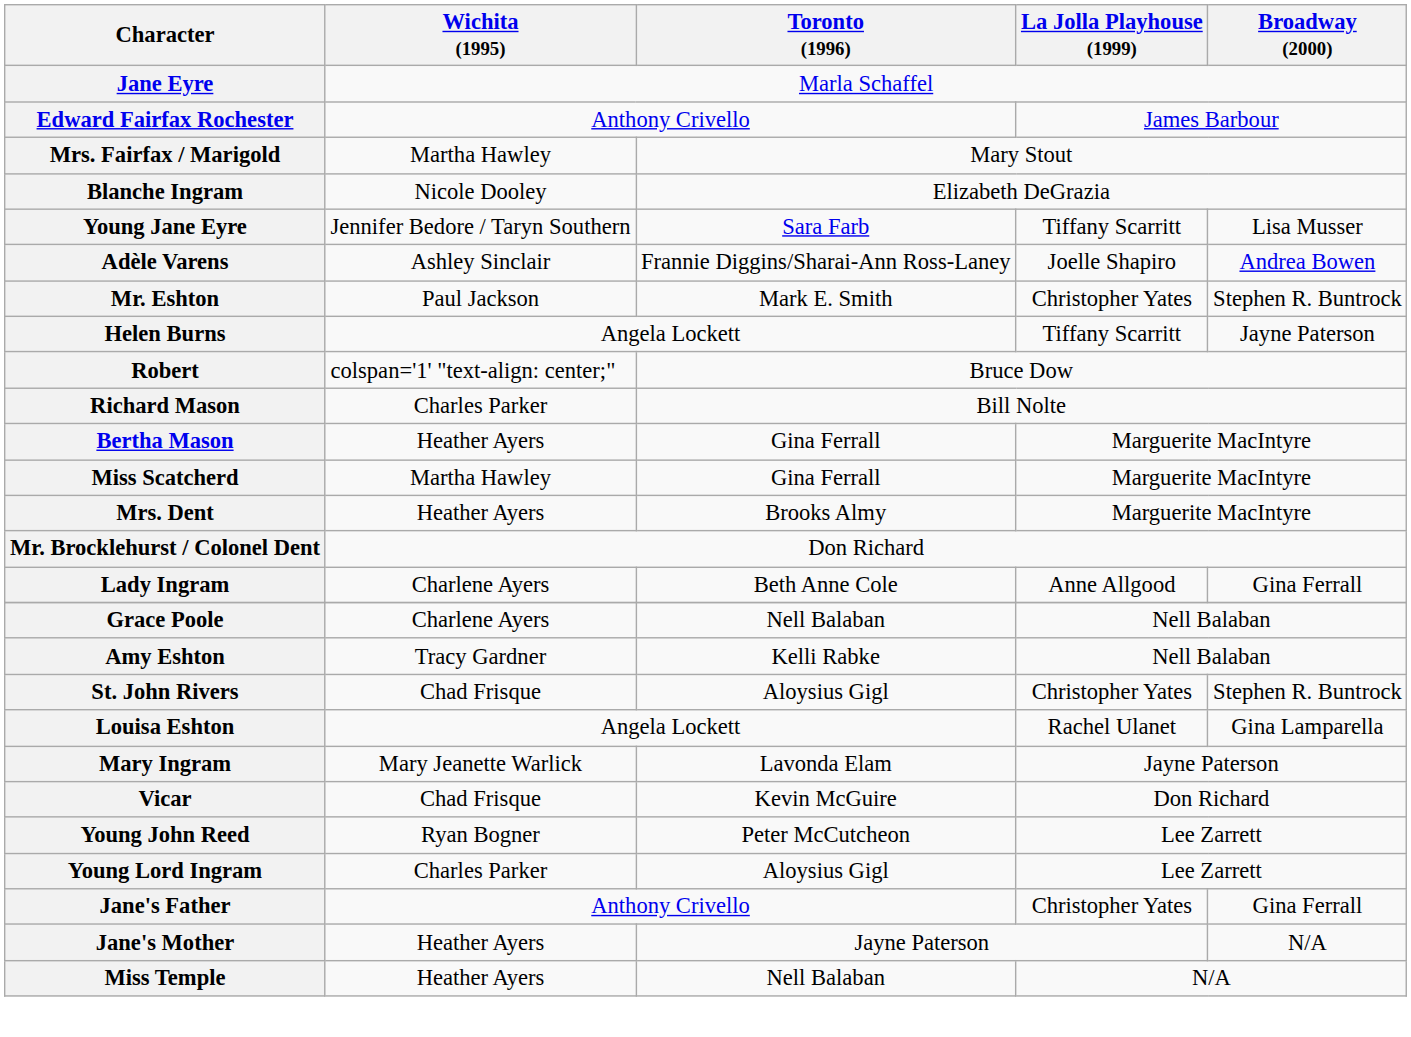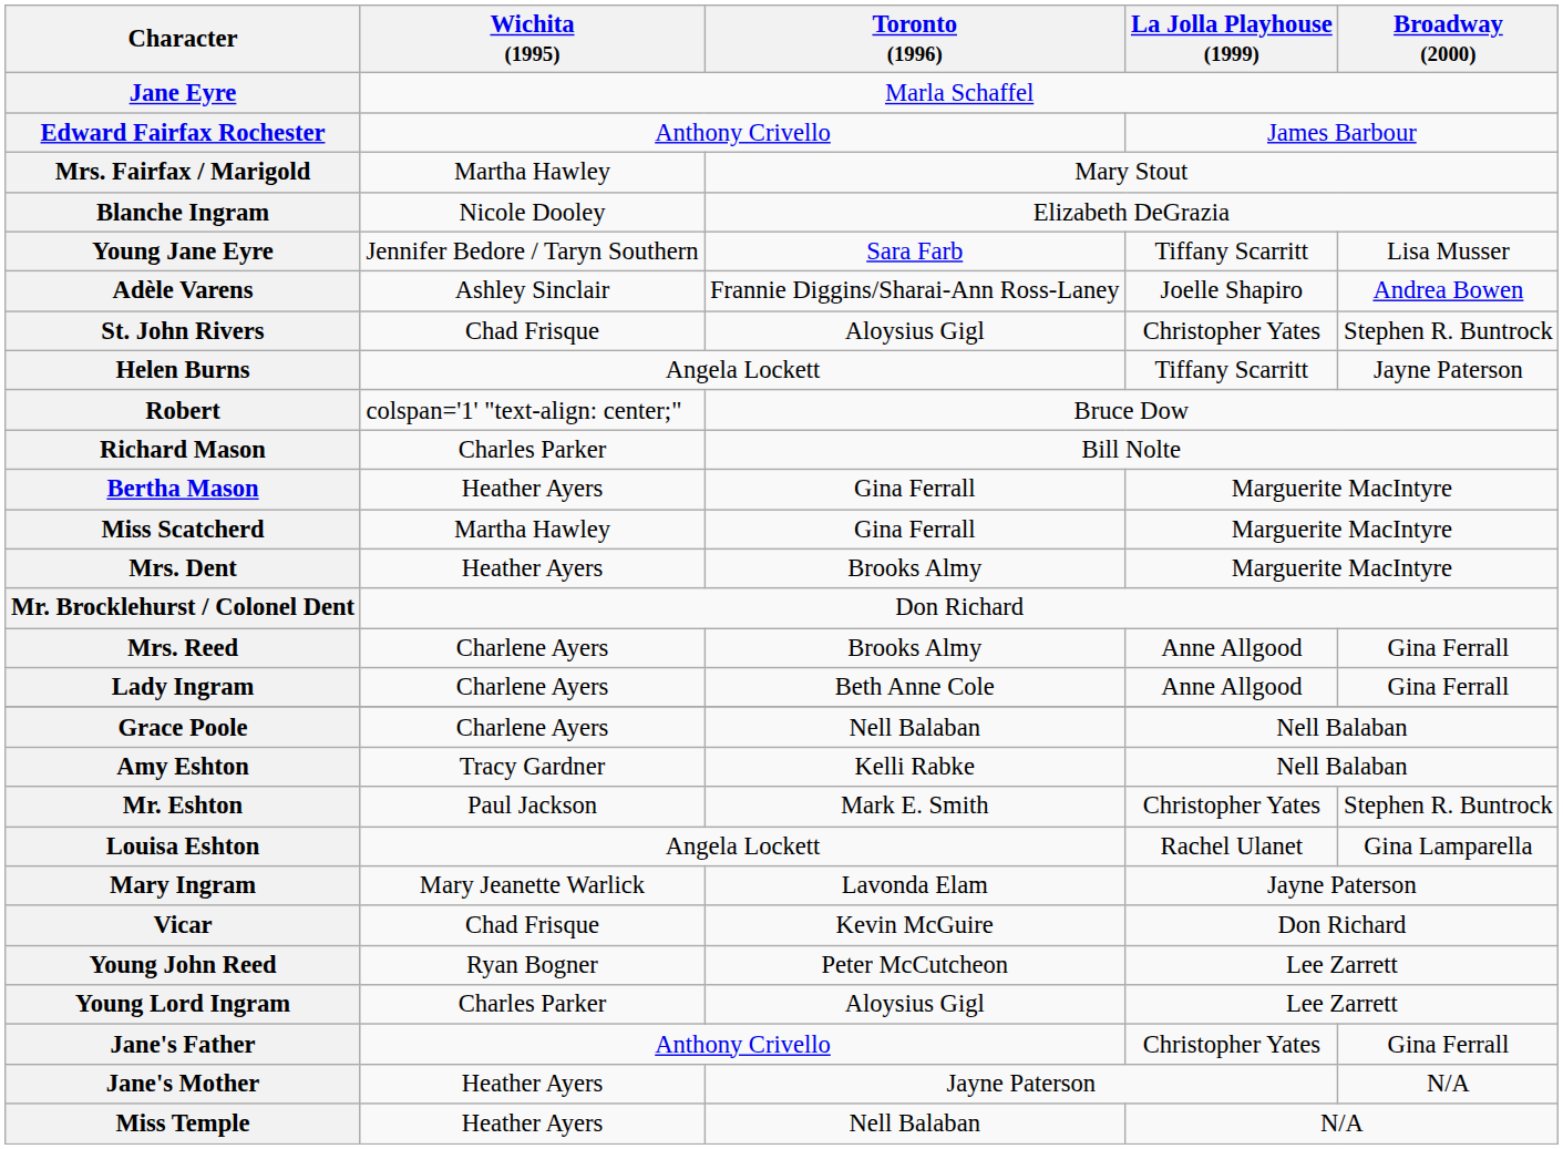 <table class="wikitable" style="width:1000;">
 <tr>
 <th>Character</th>
 <th><a href='#'>Wichita</a><br><small>(1995)</small></th>
 <th><a href='#'>Toronto</a> <br><small>(1996)</small></th>
 <th><a href='#'>La Jolla Playhouse</a> <br><small>(1999)</small></th>
 <th><a href='#'>Broadway</a><br><small>(2000)</small></th>
 </tr>
 <tr>
 <th><a href='#'>Jane Eyre</a></th>
 <td colspan='4' align=center><a href='#'>Marla Schaffel</a></td>
 </tr>
 <tr>
 <th><a href='#'>Edward Fairfax Rochester</a></th>
 <td colspan='2' align=center><a href='#'>Anthony Crivello</a></td>
 <td colspan='2' align=center><a href='#'>James Barbour</a></td>
 </tr>
 <tr>
 <th>Mrs. Fairfax / Marigold</th>
 <td colspan='1' align=center>Martha Hawley</td>
 <td colspan='3' align=center>Mary Stout</td>
 </tr>
 <tr>
 <th>Blanche Ingram</th>
 <td colspan='1' align=center>Nicole Dooley</td>
 <td colspan='3' align=center>Elizabeth DeGrazia</td>
 </tr>
 <tr>
 <th>Young Jane Eyre</th>
 <td colspan='1' align=center>Jennifer Bedore / Taryn Southern</td>
 <td colspan='1' align=center><a href='#'>Sara Farb</a></td>
 <td colspan='1' align=center>Tiffany Scarritt</td>
 <td colspan='1' align=center>Lisa Musser</td>
 </tr>
 <tr>
 <th>Adèle Varens</th>
 <td colspan='1' align=center>Ashley Sinclair</td>
 <td colspan='1' align=center>Frannie Diggins/Sharai-Ann Ross-Laney</td>
 <td colspan='1' align=center>Joelle Shapiro</td>
 <td colspan='1' align=center><a href='#'>Andrea Bowen</a></td>
 </tr>
 <tr>
-<th>Mr. Eshton</th>
-<td colspan='1' align=center>Paul Jackson</td>
-<td colspan='1' align=center>Mark E. Smith</td>
+<th>St. John Rivers</th>
+<td colspan='1' align=center>Chad Frisque</td>
+<td colspan='1' align=center>Aloysius Gigl</td>
 <td colspan='1' align=center>Christopher Yates</td>
 <td colspan='1' align=center>Stephen R. Buntrock</td>
 </tr>
 <tr>
 <th>Helen Burns</th>
 <td colspan='2' align=center>Angela Lockett</td>
 <td colspan='1' align=center>Tiffany Scarritt</td>
 <td colspan='1' align=center>Jayne Paterson</td>
 </tr>
 <tr>
 <th>Robert</th>
 <td>colspan='1' "text-align: center;" </td>
 <td colspan='3' align=center>Bruce Dow</td>
 </tr>
 <tr>
 <th>Richard Mason</th>
 <td colspan='1' align=center>Charles Parker</td>
 <td colspan='3' align=center>Bill Nolte</td>
 </tr>
 <tr>
 <th><a href='#'>Bertha Mason</a></th>
 <td colspan='1' align=center>Heather Ayers</td>
 <td colspan='1' align=center>Gina Ferrall</td>
 <td colspan='2' align=center>Marguerite MacIntyre</td>
 </tr>
 <tr>
 <th>Miss Scatcherd</th>
 <td colspan='1' align=center>Martha Hawley</td>
 <td colspan='1' align=center>Gina Ferrall</td>
 <td colspan='2' align=center>Marguerite MacIntyre</td>
 </tr>
 <tr>
 <th>Mrs. Dent</th>
 <td colspan='1' align=center>Heather Ayers</td>
 <td colspan='1' align=center>Brooks Almy</td>
 <td colspan='2' align=center>Marguerite MacIntyre</td>
 </tr>
 <tr>
 <th>Mr. Brocklehurst / Colonel Dent</th>
 <td colspan='4' align=center>Don Richard</td>
 </tr>
 <tr>
+<th>Mrs. Reed</th>
+<td colspan='1' align=center>Charlene Ayers</td>
+<td colspan='1' align=center>Brooks Almy</td>
+<td colspan='1' align=center>Anne Allgood</td>
+<td colspan='1' align=center>Gina Ferrall</td>
+</tr>
+<tr>
 <th>Lady Ingram</th>
 <td colspan='1' align=center>Charlene Ayers</td>
 <td colspan='1' align=center>Beth Anne Cole</td>
 <td colspan='1' align=center>Anne Allgood</td>
 <td colspan='1' align=center>Gina Ferrall</td>
 </tr>
 <tr>
 </tr>
 <tr>
 <th>Grace Poole</th>
 <td colspan='1' align=center>Charlene Ayers</td>
 <td colspan='1' align=center>Nell Balaban</td>
 <td colspan='2' align=center>Nell Balaban</td>
 </tr>
 <tr>
 <th>Amy Eshton</th>
 <td colspan='1' align=center>Tracy Gardner</td>
 <td colspan='1' align=center>Kelli Rabke</td>
 <td colspan='2' align=center>Nell Balaban</td>
 </tr>
 <tr>
-<th>St. John Rivers</th>
-<td colspan='1' align=center>Chad Frisque</td>
-<td colspan='1' align=center>Aloysius Gigl</td>
+<th>Mr. Eshton</th>
+<td colspan='1' align=center>Paul Jackson</td>
+<td colspan='1' align=center>Mark E. Smith</td>
 <td colspan='1' align=center>Christopher Yates</td>
 <td colspan='1' align=center>Stephen R. Buntrock</td>
 </tr>
 <tr>
 <th>Louisa Eshton</th>
 <td colspan='2' align=center>Angela Lockett</td>
 <td colspan='1' align=center>Rachel Ulanet</td>
 <td colspan='1' align=center>Gina Lamparella</td>
 </tr>
 <tr>
 <th>Mary Ingram</th>
 <td colspan='1' align=center>Mary Jeanette Warlick</td>
 <td colspan='1' align=center>Lavonda Elam</td>
 <td colspan='2' align=center>Jayne Paterson</td>
 </tr>
 <tr>
 <th>Vicar</th>
 <td colspan='1' align=center>Chad Frisque</td>
 <td colspan='1' align=center>Kevin McGuire</td>
 <td colspan='2' align=center>Don Richard</td>
 </tr>
 <tr>
 <th>Young John Reed</th>
 <td colspan='1' align=center>Ryan Bogner</td>
 <td colspan='1' align=center>Peter McCutcheon</td>
 <td colspan='2' align=center>Lee Zarrett</td>
 </tr>
 <tr>
 <th>Young Lord Ingram</th>
 <td colspan='1' align=center>Charles Parker</td>
 <td colspan='1' align=center>Aloysius Gigl</td>
 <td colspan='2' align=center>Lee Zarrett</td>
 </tr>
 <tr>
 <th>Jane's Father</th>
 <td colspan='2' align=center><a href='#'>Anthony Crivello</a></td>
 <td colspan='1' align=center>Christopher Yates</td>
 <td colspan='1' align=center>Gina Ferrall</td>
 </tr>
 <tr>
 <th>Jane's Mother</th>
 <td colspan='1' align=center>Heather Ayers</td>
 <td colspan='2' align=center>Jayne Paterson</td>
 <td colspan='1' align=center>N/A</td>
 </tr>
 <tr>
 <th>Miss Temple</th>
 <td colspan='1' align=center>Heather Ayers</td>
 <td colspan='1' align=center>Nell Balaban</td>
 <td colspan='2' align=center>N/A</td>
 </tr>
 </table>
